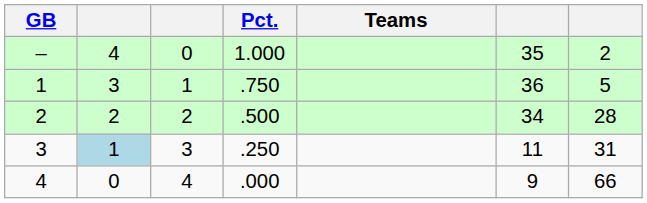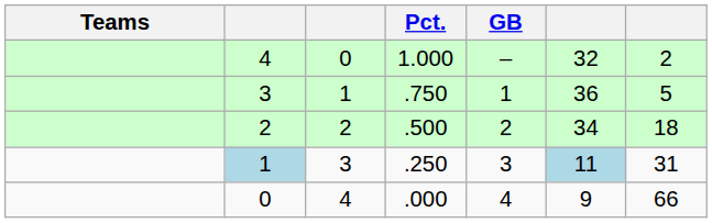 <table class="wikitable" style="text-align:center;">
 <tr>
-<th width=50px><a href='#'>GB</a></th>
+<th width=150px>Teams</th>
 <th width=50px></th>
 <th width=50px></th>
 <th width=50px><a href='#'>Pct.</a></th>
-<th width=150px>Teams</th>
+<th width=50px><a href='#'>GB</a></th>
 <th width=50px></th>
 <th width=50px></th>
 </tr>
 <tr bgcolor="ccffcc">
-<td>–</td>
+<td align=left></td>
 <td>4</td>
 <td>0</td>
 <td>1.000</td>
-<td align=left></td>
-<td>35</td>
+<td>–</td>
+<td>32</td>
 <td>2</td>
 </tr>
 <tr bgcolor="ccffcc">
-<td>1</td>
+<td align=left></td>
 <td>3</td>
 <td>1</td>
 <td>.750</td>
-<td align=left></td>
+<td>1</td>
 <td>36</td>
 <td>5</td>
 </tr>
 <tr bgcolor="ccffcc">
-<td>2</td>
+<td align=left></td>
 <td>2</td>
 <td>2</td>
 <td>.500</td>
-<td align=left></td>
+<td>2</td>
 <td>34</td>
-<td>28</td>
+<td>18</td>
 </tr>
 <tr>
-<td>3</td>
+<td align=left></td>
 <td style="background: lightblue;">1</td>
 <td>3</td>
 <td>.250</td>
-<td align=left></td>
-<td>11</td>
+<td>3</td>
+<td style="background: lightblue;">11</td>
 <td>31</td>
 </tr>
 <tr>
-<td>4</td>
+<td align=left></td>
 <td>0</td>
 <td>4</td>
 <td>.000</td>
-<td align=left></td>
+<td>4</td>
 <td>9</td>
 <td>66</td>
 </tr>
 </table>
